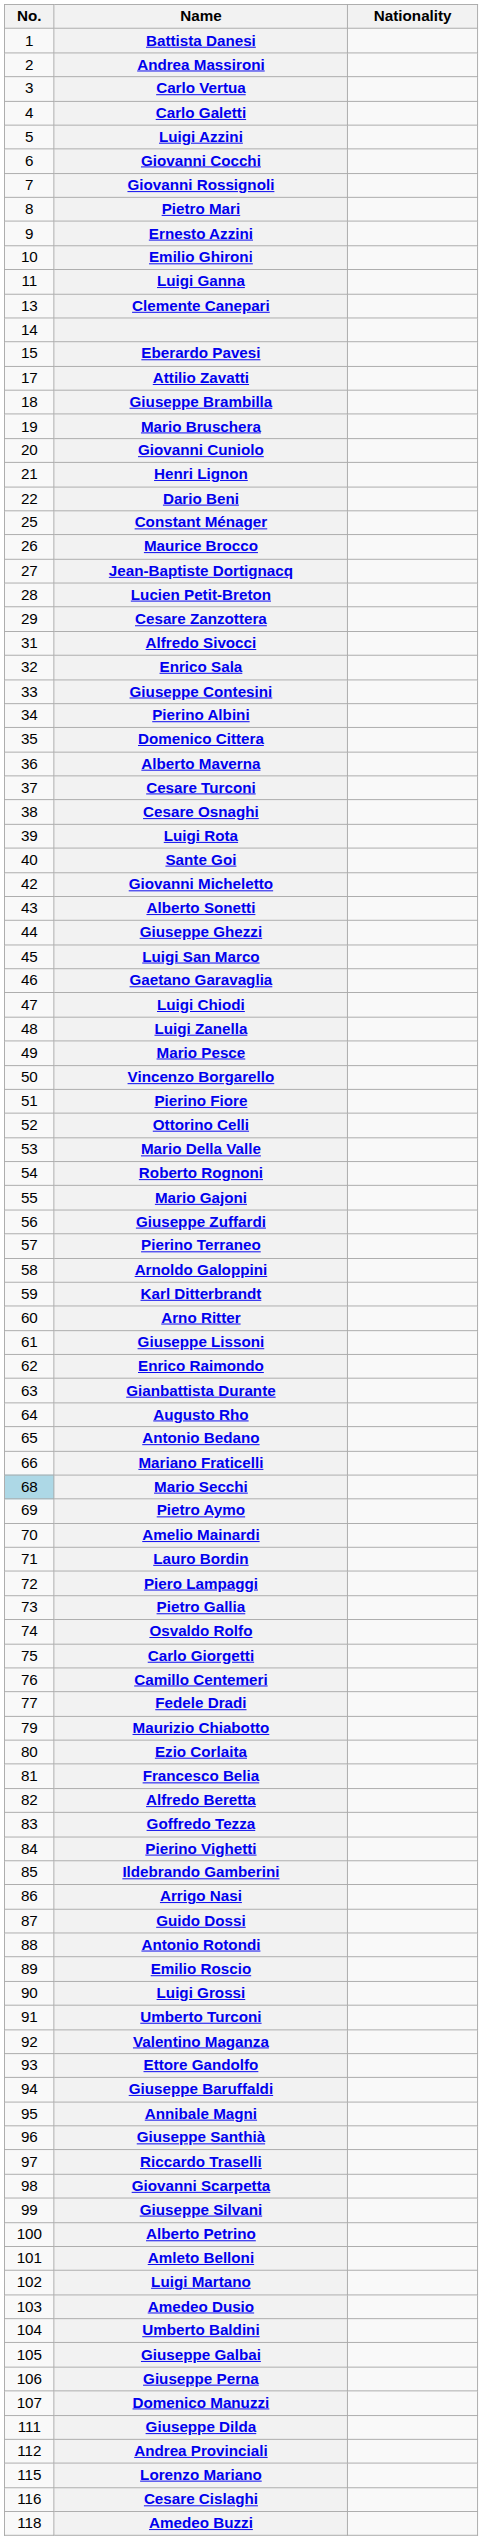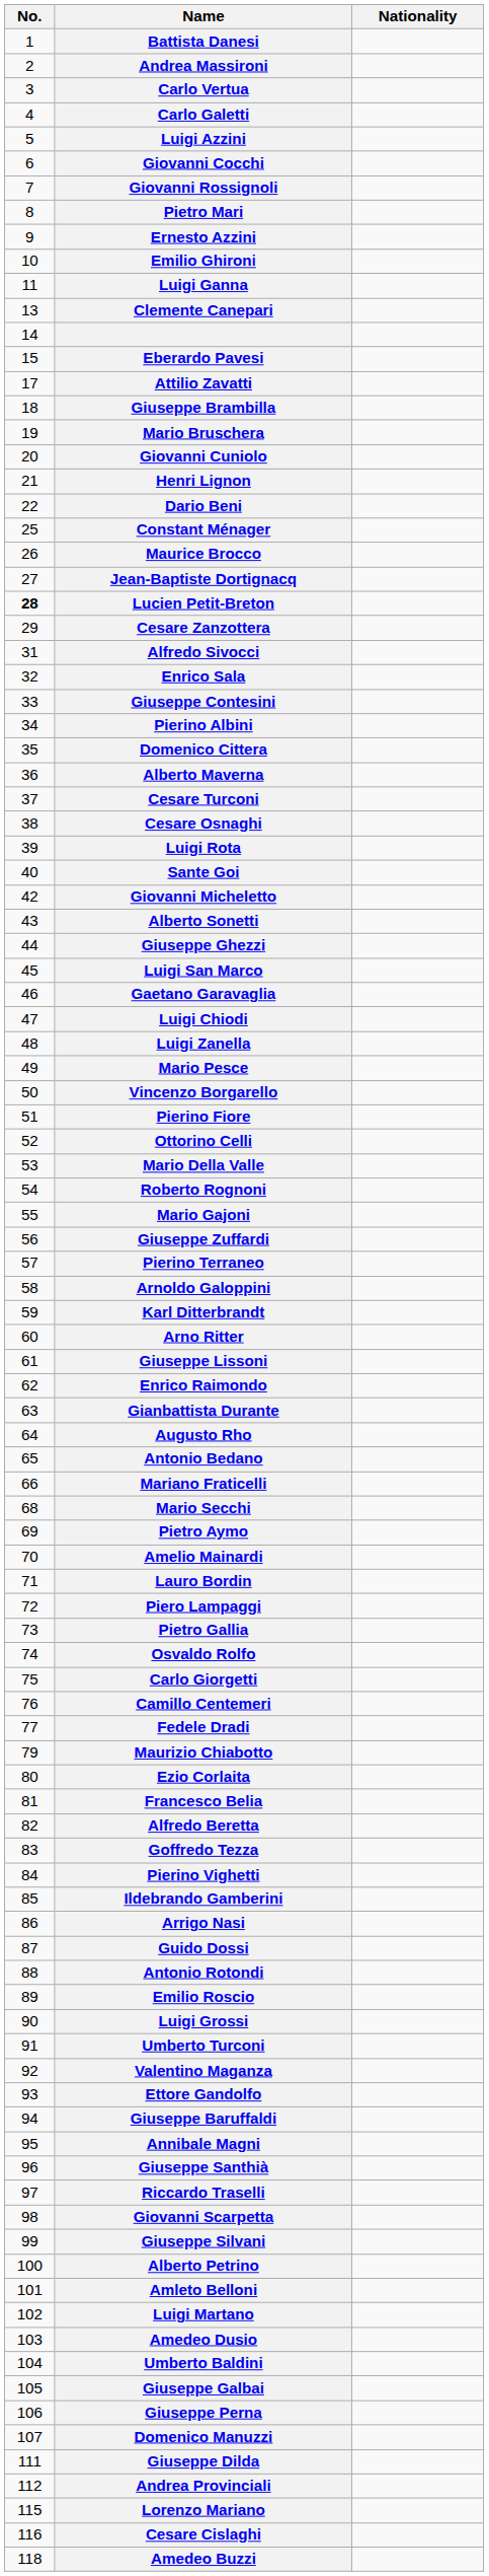 <table class="wikitable plainrowheaders sortable" style="width:80%">
 <tr>
 <th scope="col">No.</th>
 <th scope="col">Name</th>
 <th scope="col">Nationality</th>
 </tr>
 <tr>
 <td style="text-align:center;">1</td>
 <th scope="row"><a href='#'>Battista Danesi</a></th>
 <td></td>
 </tr>
 <tr>
 <td style="text-align:center;">2</td>
 <th scope="row"><a href='#'>Andrea Massironi</a></th>
 <td></td>
 </tr>
 <tr>
 <td style="text-align:center;">3</td>
 <th scope="row"><a href='#'>Carlo Vertua</a></th>
 <td></td>
 </tr>
 <tr>
 <td style="text-align:center;">4</td>
 <th scope="row"><a href='#'>Carlo Galetti</a></th>
 <td></td>
 </tr>
 <tr>
 <td style="text-align:center;">5</td>
 <th scope="row"><a href='#'>Luigi Azzini</a></th>
 <td></td>
 </tr>
 <tr>
 <td style="text-align:center;">6</td>
 <th scope="row"><a href='#'>Giovanni Cocchi</a></th>
 <td></td>
 </tr>
 <tr>
 <td style="text-align:center;">7</td>
 <th scope="row"><a href='#'>Giovanni Rossignoli</a></th>
 <td></td>
 </tr>
 <tr>
 <td style="text-align:center;">8</td>
 <th scope="row"><a href='#'>Pietro Mari</a></th>
 <td></td>
 </tr>
 <tr>
 <td style="text-align:center;">9</td>
 <th scope="row"><a href='#'>Ernesto Azzini</a></th>
 <td></td>
 </tr>
 <tr>
 <td style="text-align:center;">10</td>
 <th scope="row"><a href='#'>Emilio Ghironi</a></th>
 <td></td>
 </tr>
 <tr>
 <td style="text-align:center;">11</td>
 <th scope="row"><a href='#'>Luigi Ganna</a></th>
 <td></td>
 </tr>
 <tr>
 <td style="text-align:center;">13</td>
 <th scope="row"><a href='#'>Clemente Canepari</a></th>
 <td></td>
 </tr>
 <tr>
 <td style="text-align:center;">14</td>
 <th scope="row"></th>
 <td></td>
 </tr>
 <tr>
 <td style="text-align:center;">15</td>
 <th scope="row"><a href='#'>Eberardo Pavesi</a></th>
 <td></td>
 </tr>
 <tr>
 <td style="text-align:center;">17</td>
 <th scope="row"><a href='#'>Attilio Zavatti</a></th>
 <td></td>
 </tr>
 <tr>
 <td style="text-align:center;">18</td>
 <th scope="row"><a href='#'>Giuseppe Brambilla</a></th>
 <td></td>
 </tr>
 <tr>
 <td style="text-align:center;">19</td>
 <th scope="row"><a href='#'>Mario Bruschera</a></th>
 <td></td>
 </tr>
 <tr>
 <td style="text-align:center;">20</td>
 <th scope="row"><a href='#'>Giovanni Cuniolo</a></th>
 <td></td>
 </tr>
 <tr>
 <td style="text-align:center;">21</td>
 <th scope="row"><a href='#'>Henri Lignon</a></th>
 <td></td>
 </tr>
 <tr>
 <td style="text-align:center;">22</td>
 <th scope="row"><a href='#'>Dario Beni</a></th>
 <td></td>
 </tr>
 <tr>
 <td style="text-align:center;">25</td>
 <th scope="row"><a href='#'>Constant Ménager</a></th>
 <td></td>
 </tr>
 <tr>
 <td style="text-align:center;">26</td>
 <th scope="row"><a href='#'>Maurice Brocco</a></th>
 <td></td>
 </tr>
 <tr>
 <td style="text-align:center;">27</td>
 <th scope="row"><a href='#'>Jean-Baptiste Dortignacq</a></th>
 <td></td>
 </tr>
 <tr>
-<td style="text-align:center;">28</td>
+<td style="text-align:center;"><strong>28</strong></td>
 <th scope="row"><a href='#'>Lucien Petit-Breton</a></th>
 <td></td>
 </tr>
 <tr>
 <td style="text-align:center;">29</td>
 <th scope="row"><a href='#'>Cesare Zanzottera</a></th>
 <td></td>
 </tr>
 <tr>
 <td style="text-align:center;">31</td>
 <th scope="row"><a href='#'>Alfredo Sivocci</a></th>
 <td></td>
 </tr>
 <tr>
 <td style="text-align:center;">32</td>
 <th scope="row"><a href='#'>Enrico Sala</a></th>
 <td></td>
 </tr>
 <tr>
 <td style="text-align:center;">33</td>
 <th scope="row"><a href='#'>Giuseppe Contesini</a></th>
 <td></td>
 </tr>
 <tr>
 <td style="text-align:center;">34</td>
 <th scope="row"><a href='#'>Pierino Albini</a></th>
 <td></td>
 </tr>
 <tr>
 <td style="text-align:center;">35</td>
 <th scope="row"><a href='#'>Domenico Cittera</a></th>
 <td></td>
 </tr>
 <tr>
 <td style="text-align:center;">36</td>
 <th scope="row"><a href='#'>Alberto Maverna</a></th>
 <td></td>
 </tr>
 <tr>
 <td style="text-align:center;">37</td>
 <th scope="row"><a href='#'>Cesare Turconi</a></th>
 <td></td>
 </tr>
 <tr>
 <td style="text-align:center;">38</td>
 <th scope="row"><a href='#'>Cesare Osnaghi</a></th>
 <td></td>
 </tr>
 <tr>
 <td style="text-align:center;">39</td>
 <th scope="row"><a href='#'>Luigi Rota</a></th>
 <td></td>
 </tr>
 <tr>
 <td style="text-align:center;">40</td>
 <th scope="row"><a href='#'>Sante Goi</a></th>
 <td></td>
 </tr>
 <tr>
 <td style="text-align:center;">42</td>
 <th scope="row"><a href='#'>Giovanni Micheletto</a></th>
 <td></td>
 </tr>
 <tr>
 <td style="text-align:center;">43</td>
 <th scope="row"><a href='#'>Alberto Sonetti</a></th>
 <td></td>
 </tr>
 <tr>
 <td style="text-align:center;">44</td>
 <th scope="row"><a href='#'>Giuseppe Ghezzi</a></th>
 <td></td>
 </tr>
 <tr>
 <td style="text-align:center;">45</td>
 <th scope="row"><a href='#'>Luigi San Marco</a></th>
 <td></td>
 </tr>
 <tr>
 <td style="text-align:center;">46</td>
 <th scope="row"><a href='#'>Gaetano Garavaglia</a></th>
 <td></td>
 </tr>
 <tr>
 <td style="text-align:center;">47</td>
 <th scope="row"><a href='#'>Luigi Chiodi</a></th>
 <td></td>
 </tr>
 <tr>
 <td style="text-align:center;">48</td>
 <th scope="row"><a href='#'>Luigi Zanella</a></th>
 <td></td>
 </tr>
 <tr>
 <td style="text-align:center;">49</td>
 <th scope="row"><a href='#'>Mario Pesce</a></th>
 <td></td>
 </tr>
 <tr>
 <td style="text-align:center;">50</td>
 <th scope="row"><a href='#'>Vincenzo Borgarello</a></th>
 <td></td>
 </tr>
 <tr>
 <td style="text-align:center;">51</td>
 <th scope="row"><a href='#'>Pierino Fiore</a></th>
 <td></td>
 </tr>
 <tr>
 <td style="text-align:center;">52</td>
 <th scope="row"><a href='#'>Ottorino Celli</a></th>
 <td></td>
 </tr>
 <tr>
 <td style="text-align:center;">53</td>
 <th scope="row"><a href='#'>Mario Della Valle</a></th>
 <td></td>
 </tr>
 <tr>
 <td style="text-align:center;">54</td>
 <th scope="row"><a href='#'>Roberto Rognoni</a></th>
 <td></td>
 </tr>
 <tr>
 <td style="text-align:center;">55</td>
 <th scope="row"><a href='#'>Mario Gajoni</a></th>
 <td></td>
 </tr>
 <tr>
 <td style="text-align:center;">56</td>
 <th scope="row"><a href='#'>Giuseppe Zuffardi</a></th>
 <td></td>
 </tr>
 <tr>
 <td style="text-align:center;">57</td>
 <th scope="row"><a href='#'>Pierino Terraneo</a></th>
 <td></td>
 </tr>
 <tr>
 <td style="text-align:center;">58</td>
 <th scope="row"><a href='#'>Arnoldo Galoppini</a></th>
 <td></td>
 </tr>
 <tr>
 <td style="text-align:center;">59</td>
 <th scope="row"><a href='#'>Karl Ditterbrandt</a></th>
 <td></td>
 </tr>
 <tr>
 <td style="text-align:center;">60</td>
 <th scope="row"><a href='#'>Arno Ritter</a></th>
 <td></td>
 </tr>
 <tr>
 <td style="text-align:center;">61</td>
 <th scope="row"><a href='#'>Giuseppe Lissoni</a></th>
 <td></td>
 </tr>
 <tr>
 <td style="text-align:center;">62</td>
 <th scope="row"><a href='#'>Enrico Raimondo</a></th>
 <td></td>
 </tr>
 <tr>
 <td style="text-align:center;">63</td>
 <th scope="row"><a href='#'>Gianbattista Durante</a></th>
 <td></td>
 </tr>
 <tr>
 <td style="text-align:center;">64</td>
 <th scope="row"><a href='#'>Augusto Rho</a></th>
 <td></td>
 </tr>
 <tr>
 <td style="text-align:center;">65</td>
 <th scope="row"><a href='#'>Antonio Bedano</a></th>
 <td></td>
 </tr>
 <tr>
 <td style="text-align:center;">66</td>
 <th scope="row"><a href='#'>Mariano Fraticelli</a></th>
 <td></td>
 </tr>
 <tr>
-<td style="background: lightblue; text-align:center;">68</td>
+<td style="text-align:center;">68</td>
 <th scope="row"><a href='#'>Mario Secchi</a></th>
 <td></td>
 </tr>
 <tr>
 <td style="text-align:center;">69</td>
 <th scope="row"><a href='#'>Pietro Aymo</a></th>
 <td></td>
 </tr>
 <tr>
 <td style="text-align:center;">70</td>
 <th scope="row"><a href='#'>Amelio Mainardi</a></th>
 <td></td>
 </tr>
 <tr>
 <td style="text-align:center;">71</td>
 <th scope="row"><a href='#'>Lauro Bordin</a></th>
 <td></td>
 </tr>
 <tr>
 <td style="text-align:center;">72</td>
 <th scope="row"><a href='#'>Piero Lampaggi</a></th>
 <td></td>
 </tr>
 <tr>
 <td style="text-align:center;">73</td>
 <th scope="row"><a href='#'>Pietro Gallia</a></th>
 <td></td>
 </tr>
 <tr>
 <td style="text-align:center;">74</td>
 <th scope="row"><a href='#'>Osvaldo Rolfo</a></th>
 <td></td>
 </tr>
 <tr>
 <td style="text-align:center;">75</td>
 <th scope="row"><a href='#'>Carlo Giorgetti</a></th>
 <td></td>
 </tr>
 <tr>
 <td style="text-align:center;">76</td>
 <th scope="row"><a href='#'>Camillo Centemeri</a></th>
 <td></td>
 </tr>
 <tr>
 <td style="text-align:center;">77</td>
 <th scope="row"><a href='#'>Fedele Dradi</a></th>
 <td></td>
 </tr>
 <tr>
 <td style="text-align:center;">79</td>
 <th scope="row"><a href='#'>Maurizio Chiabotto</a></th>
 <td></td>
 </tr>
 <tr>
 <td style="text-align:center;">80</td>
 <th scope="row"><a href='#'>Ezio Corlaita</a></th>
 <td></td>
 </tr>
 <tr>
 <td style="text-align:center;">81</td>
 <th scope="row"><a href='#'>Francesco Belia</a></th>
 <td></td>
 </tr>
 <tr>
 <td style="text-align:center;">82</td>
 <th scope="row"><a href='#'>Alfredo Beretta</a></th>
 <td></td>
 </tr>
 <tr>
 <td style="text-align:center;">83</td>
 <th scope="row"><a href='#'>Goffredo Tezza</a></th>
 <td></td>
 </tr>
 <tr>
 <td style="text-align:center;">84</td>
 <th scope="row"><a href='#'>Pierino Vighetti</a></th>
 <td></td>
 </tr>
 <tr>
 <td style="text-align:center;">85</td>
 <th scope="row"><a href='#'>Ildebrando Gamberini</a></th>
 <td></td>
 </tr>
 <tr>
 <td style="text-align:center;">86</td>
 <th scope="row"><a href='#'>Arrigo Nasi</a></th>
 <td></td>
 </tr>
 <tr>
 <td style="text-align:center;">87</td>
 <th scope="row"><a href='#'>Guido Dossi</a></th>
 <td></td>
 </tr>
 <tr>
 <td style="text-align:center;">88</td>
 <th scope="row"><a href='#'>Antonio Rotondi</a></th>
 <td></td>
 </tr>
 <tr>
 <td style="text-align:center;">89</td>
 <th scope="row"><a href='#'>Emilio Roscio</a></th>
 <td></td>
 </tr>
 <tr>
 <td style="text-align:center;">90</td>
 <th scope="row"><a href='#'>Luigi Grossi</a></th>
 <td></td>
 </tr>
 <tr>
 <td style="text-align:center;">91</td>
 <th scope="row"><a href='#'>Umberto Turconi</a></th>
 <td></td>
 </tr>
 <tr>
 <td style="text-align:center;">92</td>
 <th scope="row"><a href='#'>Valentino Maganza</a></th>
 <td></td>
 </tr>
 <tr>
 <td style="text-align:center;">93</td>
 <th scope="row"><a href='#'>Ettore Gandolfo</a></th>
 <td></td>
 </tr>
 <tr>
 <td style="text-align:center;">94</td>
 <th scope="row"><a href='#'>Giuseppe Baruffaldi</a></th>
 <td></td>
 </tr>
 <tr>
 <td style="text-align:center;">95</td>
 <th scope="row"><a href='#'>Annibale Magni</a></th>
 <td></td>
 </tr>
 <tr>
 <td style="text-align:center;">96</td>
 <th scope="row"><a href='#'>Giuseppe Santhià</a></th>
 <td></td>
 </tr>
 <tr>
 <td style="text-align:center;">97</td>
 <th scope="row"><a href='#'>Riccardo Traselli</a></th>
 <td></td>
 </tr>
 <tr>
 <td style="text-align:center;">98</td>
 <th scope="row"><a href='#'>Giovanni Scarpetta</a></th>
 <td></td>
 </tr>
 <tr>
 <td style="text-align:center;">99</td>
 <th scope="row"><a href='#'>Giuseppe Silvani</a></th>
 <td></td>
 </tr>
 <tr>
 <td style="text-align:center;">100</td>
 <th scope="row"><a href='#'>Alberto Petrino</a></th>
 <td></td>
 </tr>
 <tr>
 <td style="text-align:center;">101</td>
 <th scope="row"><a href='#'>Amleto Belloni</a></th>
 <td></td>
 </tr>
 <tr>
 <td style="text-align:center;">102</td>
 <th scope="row"><a href='#'>Luigi Martano</a></th>
 <td></td>
 </tr>
 <tr>
 <td style="text-align:center;">103</td>
 <th scope="row"><a href='#'>Amedeo Dusio</a></th>
 <td></td>
 </tr>
 <tr>
 <td style="text-align:center;">104</td>
 <th scope="row"><a href='#'>Umberto Baldini</a></th>
 <td></td>
 </tr>
 <tr>
 <td style="text-align:center;">105</td>
 <th scope="row"><a href='#'>Giuseppe Galbai</a></th>
 <td></td>
 </tr>
 <tr>
 <td style="text-align:center;">106</td>
 <th scope="row"><a href='#'>Giuseppe Perna</a></th>
 <td></td>
 </tr>
 <tr>
 <td style="text-align:center;">107</td>
 <th scope="row"><a href='#'>Domenico Manuzzi</a></th>
 <td></td>
 </tr>
 <tr>
 <td style="text-align:center;">111</td>
 <th scope="row"><a href='#'>Giuseppe Dilda</a></th>
 <td></td>
 </tr>
 <tr>
 <td style="text-align:center;">112</td>
 <th scope="row"><a href='#'>Andrea Provinciali</a></th>
 <td></td>
 </tr>
 <tr>
 <td style="text-align:center;">115</td>
 <th scope="row"><a href='#'>Lorenzo Mariano</a></th>
 <td></td>
 </tr>
 <tr>
 <td style="text-align:center;">116</td>
 <th scope="row"><a href='#'>Cesare Cislaghi</a></th>
 <td></td>
 </tr>
 <tr>
 <td style="text-align:center;">118</td>
 <th scope="row"><a href='#'>Amedeo Buzzi</a></th>
 <td></td>
 </tr>
 </table>
